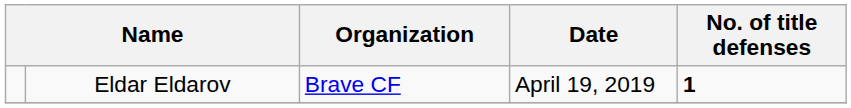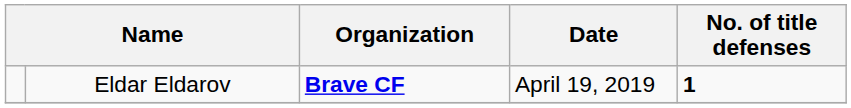 <table class="wikitable" style="width:95%; margin-left:40px;">
 <tr>
 <th colspan="2" style="width:35%;">Name</th>
 <th style="width:25%;">Organization</th>
 <th width=20%>Date</th>
 <th width=20%>No. of title defenses</th>
 </tr>
 <tr>
 <td style="text-align:center;" (fighter)> <br> </td>
 <td style="text-align:center;">Eldar Eldarov</td>
-<td><a href='#'>Brave CF</a></td>
+<td><strong><a href='#'>Brave CF</a></strong></td>
 <td>April 19, 2019</td>
 <td><strong>1</strong></td>
 </tr>
 <tr>
 </tr>
 </table>
